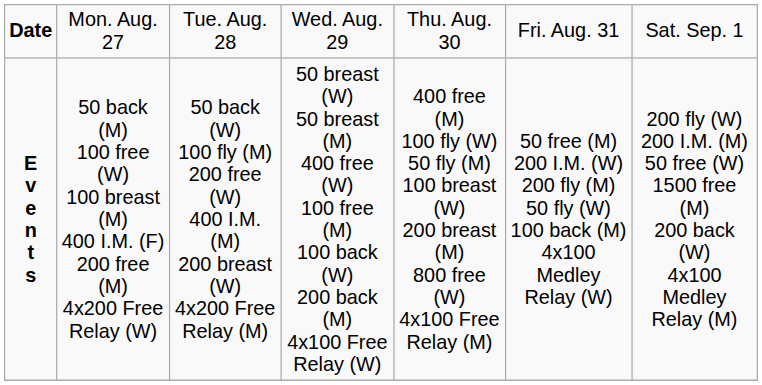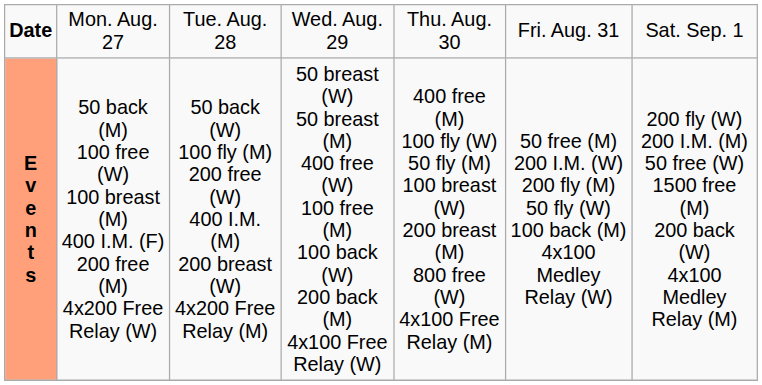 <table class=wikitable style="text-align:center">
 <tr>
 <td><strong>Date</strong></td>
 <td>Mon. Aug. 27</td>
 <td>Tue. Aug. 28</td>
 <td>Wed. Aug. 29</td>
 <td>Thu. Aug. 30</td>
 <td>Fri. Aug. 31</td>
 <td>Sat. Sep. 1</td>
 </tr>
 <tr>
-<td><strong>E<br>v<br>e<br>n<br>t<br>s</strong></td>
+<td style="background: lightsalmon;"><strong>E<br>v<br>e<br>n<br>t<br>s</strong></td>
 <td>50 back (M) <br> 100 free (W) <br> 100 breast (M) <br> 400 I.M. (F) <br> 200 free (M) <br> 4x200 Free Relay (W)</td>
 <td>50 back (W) <br> 100 fly (M) <br> 200 free (W) <br> 400 I.M. (M) <br> 200 breast (W) <br> 4x200 Free Relay (M)</td>
 <td>50 breast (W) <br> 50 breast (M) <br> 400 free (W) <br> 100 free (M) <br> 100 back (W) <br> 200 back (M) <br> 4x100 Free Relay (W)</td>
 <td>400 free (M) <br> 100 fly (W) <br> 50 fly (M) <br> 100 breast (W) <br> 200 breast (M) <br> 800 free (W) <br> 4x100 Free Relay (M)</td>
 <td>50 free (M) <br> 200 I.M. (W) <br> 200 fly (M) <br> 50 fly (W) <br> 100 back (M) <br> 4x100 Medley Relay (W)</td>
 <td>200 fly (W) <br> 200 I.M. (M) <br> 50 free (W) <br> 1500 free (M) <br> 200 back (W) <br> 4x100 Medley Relay (M)</td>
 </tr>
 <tr>
 </tr>
 </table>
